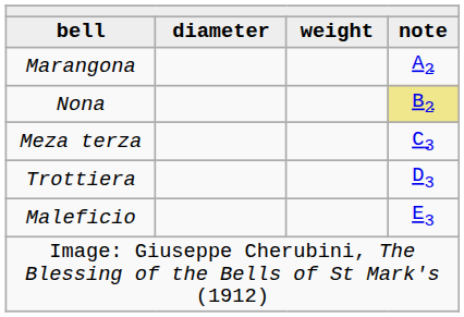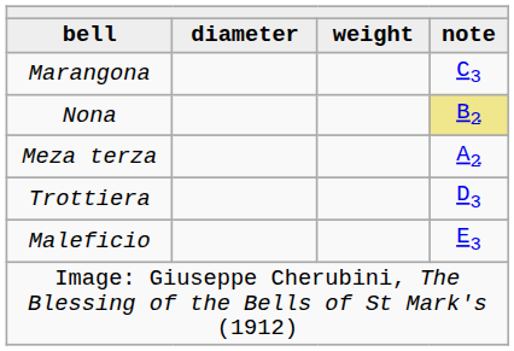 <table class="wikitable" style="float: right; font-size: 86%; text-align: center; width: 250px; border: 1px solid #BBB; margin: .46em 0 0 2.00em;">
 <tr>
 <td colspan="5" style="background:#EEEEEE;"></td>
 </tr>
 <tr>
 <td style="background:#EEEEEE; color: black;"><strong>bell</strong></td>
 <td style="background:#EEEEEE; color: black;"><strong>diameter</strong></td>
 <td style="background:#EEEEEE; color: black;"><strong>weight</strong></td>
 <td style="background:#EEEEEE; color: black;"><strong>note</strong></td>
 </tr>
 <tr>
 <td><em>Marangona</em></td>
 <td></td>
 <td></td>
-<td><a href='#'>A<sub>2</sub></a></td>
+<td><a href='#'>C<sub>3</sub></a></td>
 </tr>
 <tr>
 <td><em>Nona</em></td>
 <td></td>
 <td></td>
 <td style="background: khaki;"><a href='#'>B<sub>2</sub></a></td>
 </tr>
 <tr>
 <td><em>Meza terza</em></td>
 <td></td>
 <td></td>
-<td><a href='#'>C<sub>3</sub></a></td>
+<td><a href='#'>A<sub>2</sub></a></td>
 </tr>
 <tr>
 <td><em>Trottiera</em></td>
 <td></td>
 <td></td>
 <td><a href='#'>D<sub>3</sub></a></td>
 </tr>
 <tr>
 <td><em>Maleficio</em></td>
 <td></td>
 <td></td>
 <td><a href='#'>E<sub>3</sub></a></td>
 </tr>
 <tr>
 <td colspan="5">Image: Giuseppe Cherubini, <em>The Blessing of the Bells of St Mark's</em> (1912)</td>
 </tr>
 </table>
